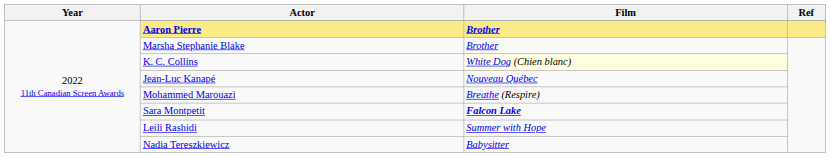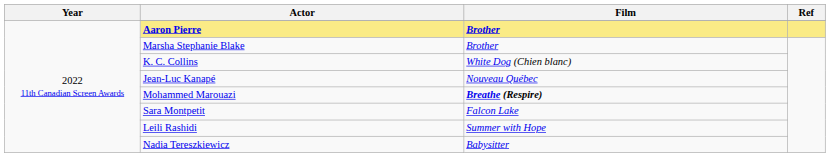 <table class="wikitable" style="width:100%;">
 <tr style="background:#bebebe;">
 <th style="width:8%;">Year</th>
 <th style="width:19%;">Actor</th>
 <th style="width:19%;">Film</th>
 <th style="width:2%;">Ref</th>
 </tr>
 <tr>
 <td rowspan="9" align="center">2022 <br> <small><a href='#'>11th Canadian Screen Awards</a></small></td>
 </tr>
 <tr style="background:#FAEB86;">
 <td><strong><a href='#'>Aaron Pierre</a></strong></td>
 <td><strong><em><a href='#'>Brother</a></em></strong></td>
 <td></td>
 </tr>
 <tr>
 <td><a href='#'>Marsha Stephanie Blake</a></td>
 <td><em><a href='#'>Brother</a></em></td>
 <td rowspan=7></td>
 </tr>
 <tr>
 <td><a href='#'>K. C. Collins</a></td>
-<td style="background: lightyellow;"><em><a href='#'>White Dog</a> (Chien blanc)</em></td>
+<td><em><a href='#'>White Dog</a> (Chien blanc)</em></td>
 </tr>
 <tr>
 <td><a href='#'>Jean-Luc Kanapé</a></td>
 <td><em><a href='#'>Nouveau Québec</a></em></td>
 </tr>
 <tr>
 <td><a href='#'>Mohammed Marouazi</a></td>
-<td><em><a href='#'>Breathe</a> (Respire)</em></td>
+<td><strong><em><a href='#'>Breathe</a> (Respire)</em></strong></td>
 </tr>
 <tr>
 <td><a href='#'>Sara Montpetit</a></td>
-<td><strong><em><a href='#'>Falcon Lake</a></em></strong></td>
+<td><em><a href='#'>Falcon Lake</a></em></td>
 </tr>
 <tr>
 <td><a href='#'>Leili Rashidi</a></td>
 <td><em><a href='#'>Summer with Hope</a></em></td>
 </tr>
 <tr>
 <td><a href='#'>Nadia Tereszkiewicz</a></td>
 <td><em><a href='#'>Babysitter</a></em></td>
 </tr>
 </table>
